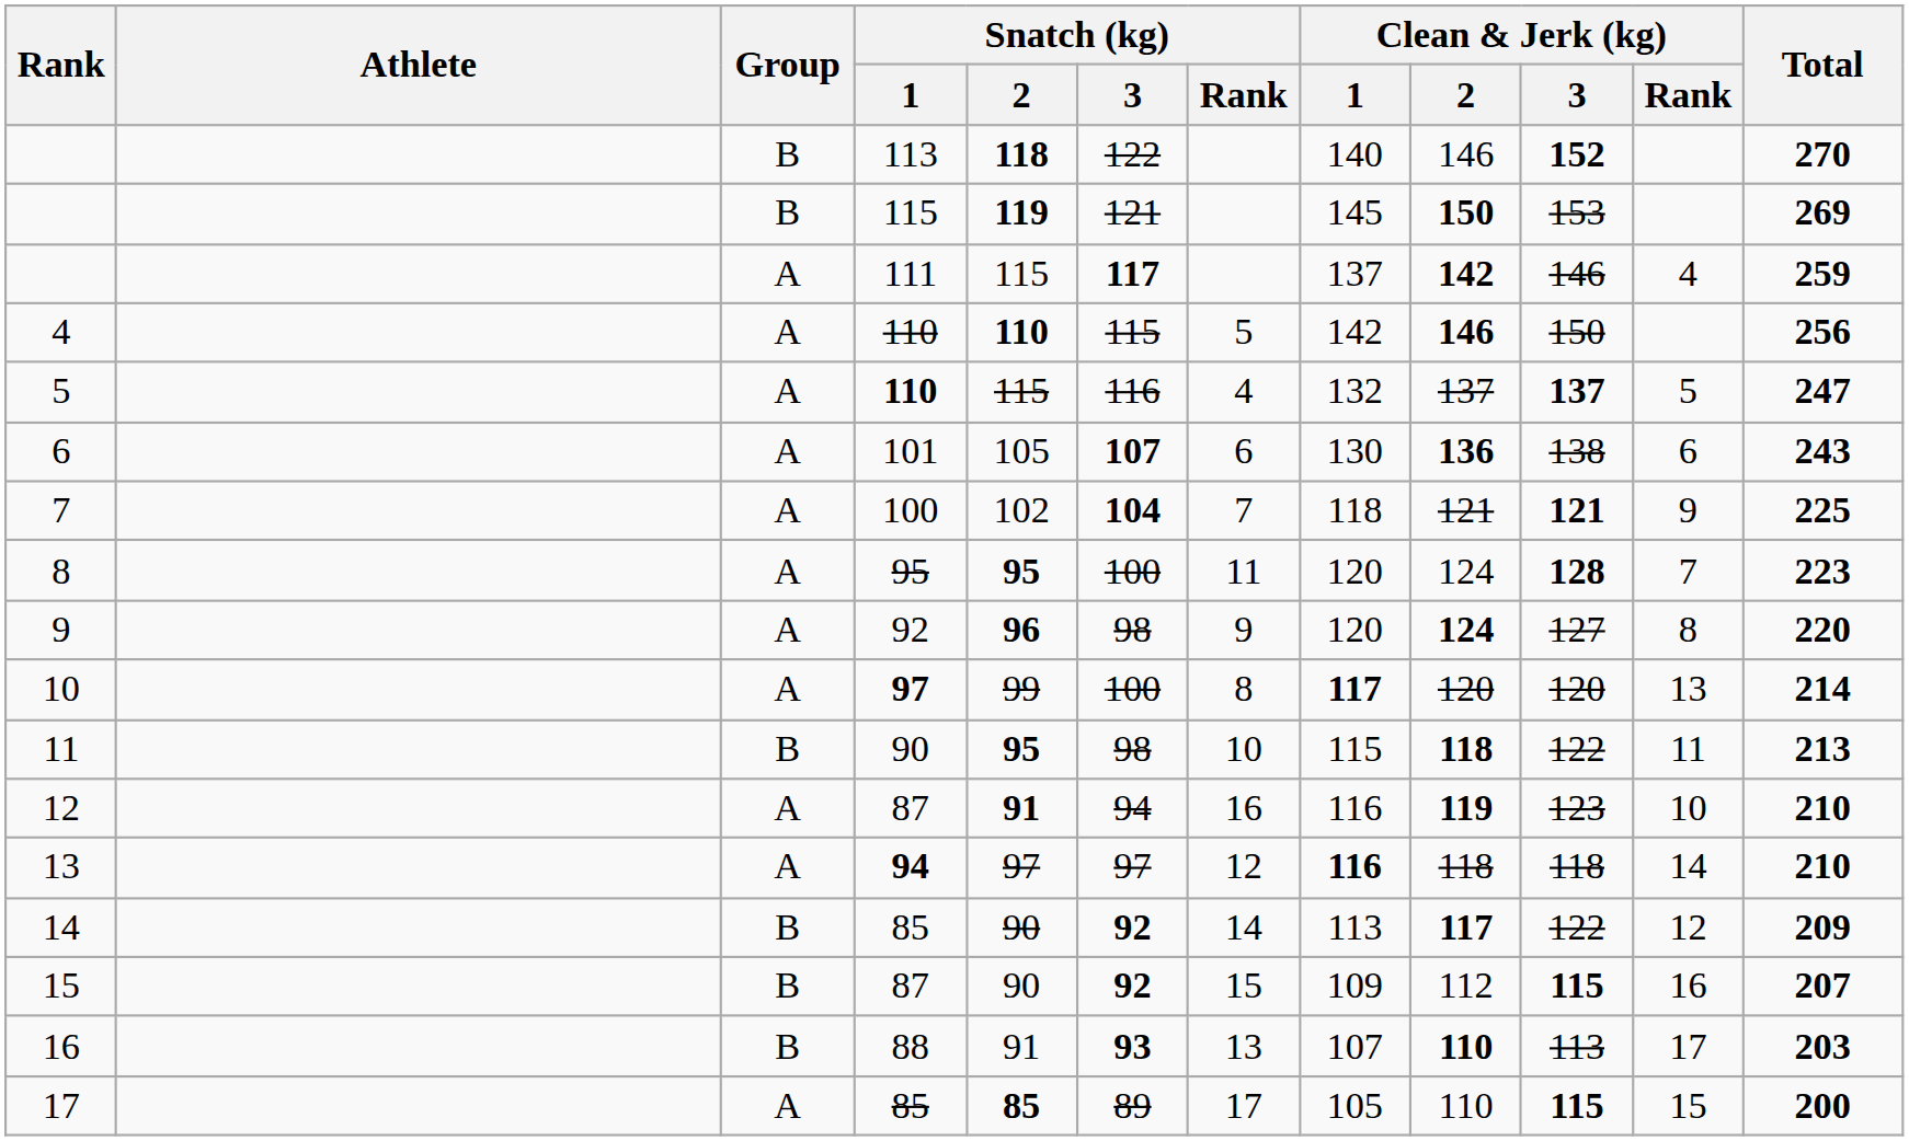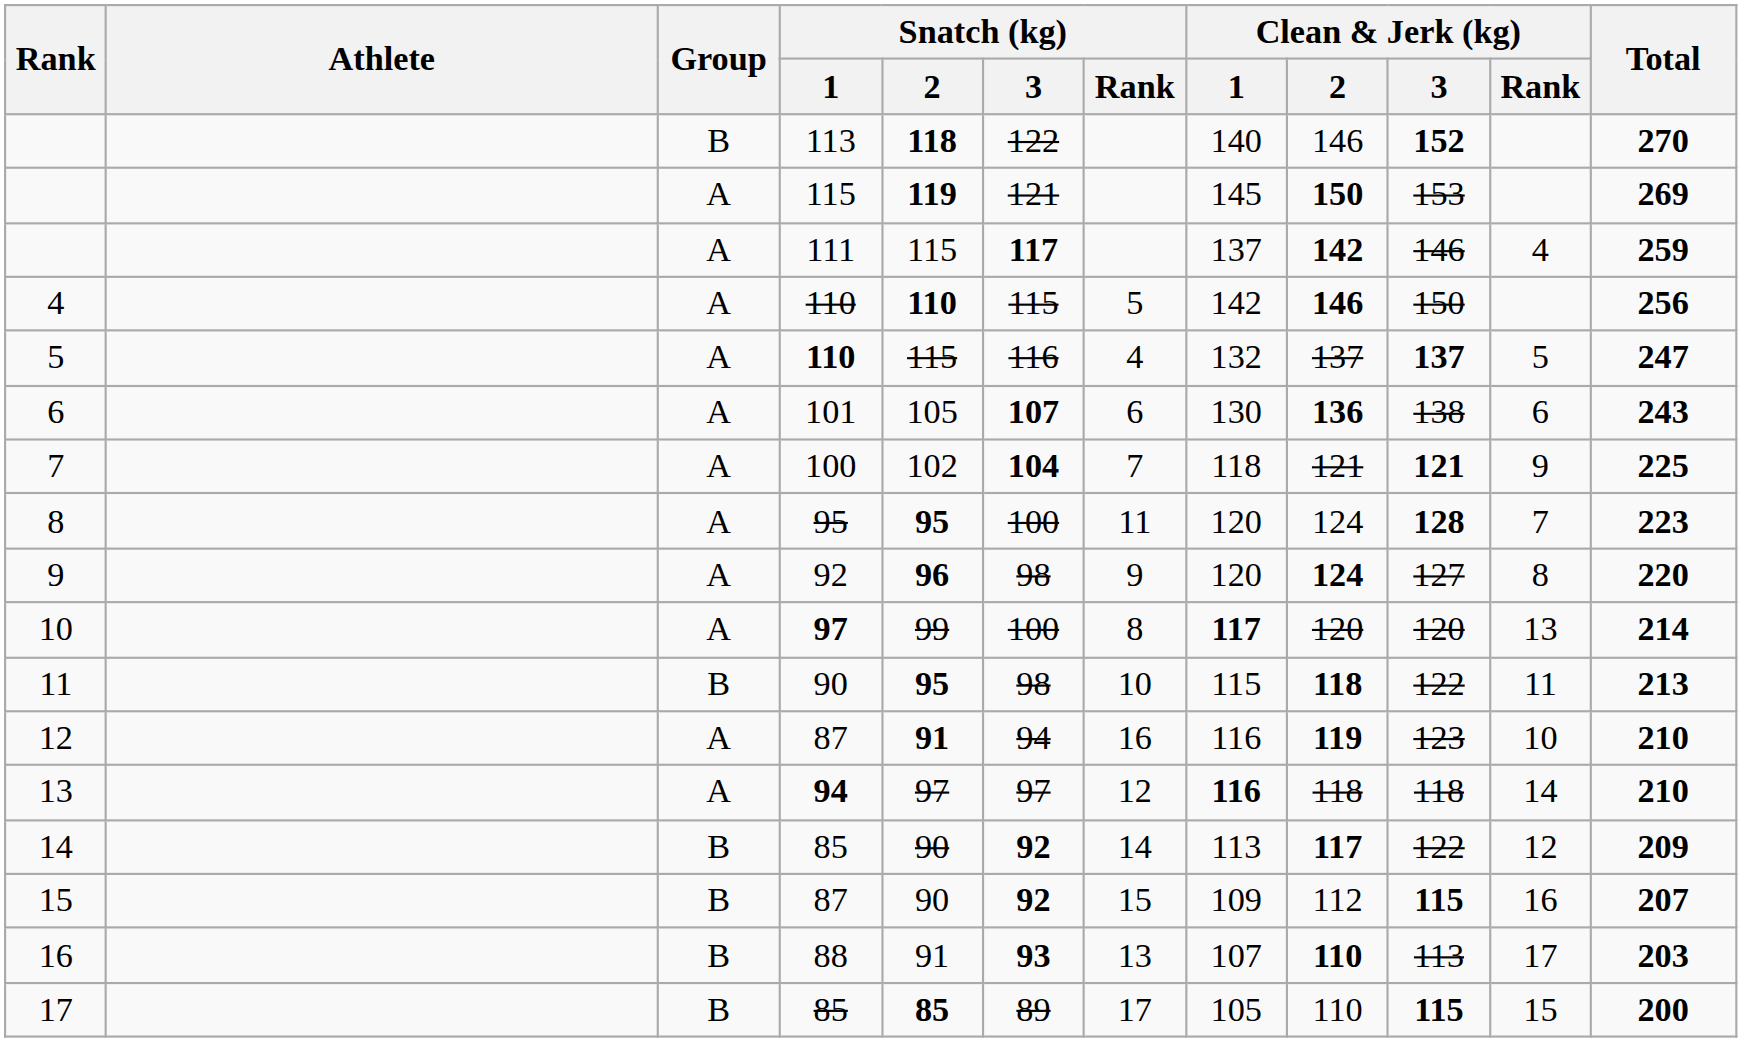 <table class = "wikitable" style="text-align:center;">
 <tr>
 <th rowspan=2 width=40>Rank</th>
 <th rowspan=2 width=250>Athlete</th>
 <th rowspan=2 width=50>Group</th>
 <th colspan=4>Snatch (kg)</th>
 <th colspan=4>Clean & Jerk (kg)</th>
 <th rowspan=2 width=60>Total</th>
 </tr>
 <tr>
 <th width=40>1</th>
 <th width=40>2</th>
 <th width=40>3</th>
 <th width=40>Rank</th>
 <th width=40>1</th>
 <th width=40>2</th>
 <th width=40>3</th>
 <th width=40>Rank</th>
 </tr>
 <tr>
 <td></td>
 <td align=left></td>
 <td>B</td>
 <td>113</td>
 <td><strong>118</strong></td>
 <td><s>122 </s></td>
 <td></td>
 <td>140</td>
 <td>146</td>
 <td><strong>152</strong></td>
 <td></td>
 <td><strong>270</strong></td>
 </tr>
 <tr>
 <td></td>
 <td align=left></td>
-<td>B</td>
+<td>A</td>
 <td>115</td>
 <td><strong>119</strong></td>
 <td><s>121 </s></td>
 <td></td>
 <td>145</td>
 <td><strong>150</strong></td>
 <td><s>153 </s></td>
 <td></td>
 <td><strong>269</strong></td>
 </tr>
 <tr>
 <td></td>
 <td align=left></td>
 <td>A</td>
 <td>111</td>
 <td>115</td>
 <td><strong>117</strong></td>
 <td></td>
 <td>137</td>
 <td><strong>142</strong></td>
 <td><s>146 </s></td>
 <td>4</td>
 <td><strong>259</strong></td>
 </tr>
 <tr>
 <td>4</td>
 <td align=left></td>
 <td>A</td>
 <td><s>110 </s></td>
 <td><strong>110</strong></td>
 <td><s>115 </s></td>
 <td>5</td>
 <td>142</td>
 <td><strong>146</strong></td>
 <td><s>150 </s></td>
 <td></td>
 <td><strong>256</strong></td>
 </tr>
 <tr>
 <td>5</td>
 <td align=left></td>
 <td>A</td>
 <td><strong>110</strong></td>
 <td><s>115 </s></td>
 <td><s>116 </s></td>
 <td>4</td>
 <td>132</td>
 <td><s>137 </s></td>
 <td><strong>137</strong></td>
 <td>5</td>
 <td><strong>247</strong></td>
 </tr>
 <tr>
 <td>6</td>
 <td align=left></td>
 <td>A</td>
 <td>101</td>
 <td>105</td>
 <td><strong>107</strong></td>
 <td>6</td>
 <td>130</td>
 <td><strong>136</strong></td>
 <td><s>138 </s></td>
 <td>6</td>
 <td><strong>243</strong></td>
 </tr>
 <tr>
 <td>7</td>
 <td align=left></td>
 <td>A</td>
 <td>100</td>
 <td>102</td>
 <td><strong>104</strong></td>
 <td>7</td>
 <td>118</td>
 <td><s>121 </s></td>
 <td><strong>121</strong></td>
 <td>9</td>
 <td><strong>225</strong></td>
 </tr>
 <tr>
 <td>8</td>
 <td align=left></td>
 <td>A</td>
 <td><s>95 </s></td>
 <td><strong>95</strong></td>
 <td><s>100 </s></td>
 <td>11</td>
 <td>120</td>
 <td>124</td>
 <td><strong>128</strong></td>
 <td>7</td>
 <td><strong>223</strong></td>
 </tr>
 <tr>
 <td>9</td>
 <td align=left></td>
 <td>A</td>
 <td>92</td>
 <td><strong>96</strong></td>
 <td><s>98 </s></td>
 <td>9</td>
 <td>120</td>
 <td><strong>124</strong></td>
 <td><s>127 </s></td>
 <td>8</td>
 <td><strong>220</strong></td>
 </tr>
 <tr>
 <td>10</td>
 <td align=left></td>
 <td>A</td>
 <td><strong>97</strong></td>
 <td><s>99 </s></td>
 <td><s>100 </s></td>
 <td>8</td>
 <td><strong>117</strong></td>
 <td><s>120 </s></td>
 <td><s>120 </s></td>
 <td>13</td>
 <td><strong>214</strong></td>
 </tr>
 <tr>
 <td>11</td>
 <td align=left></td>
 <td>B</td>
 <td>90</td>
 <td><strong>95</strong></td>
 <td><s>98 </s></td>
 <td>10</td>
 <td>115</td>
 <td><strong>118</strong></td>
 <td><s>122 </s></td>
 <td>11</td>
 <td><strong>213</strong></td>
 </tr>
 <tr>
 <td>12</td>
 <td align=left></td>
 <td>A</td>
 <td>87</td>
 <td><strong>91</strong></td>
 <td><s>94 </s></td>
 <td>16</td>
 <td>116</td>
 <td><strong>119</strong></td>
 <td><s>123 </s></td>
 <td>10</td>
 <td><strong>210</strong></td>
 </tr>
 <tr>
 <td>13</td>
 <td align=left></td>
 <td>A</td>
 <td><strong>94</strong></td>
 <td><s>97 </s></td>
 <td><s>97 </s></td>
 <td>12</td>
 <td><strong>116</strong></td>
 <td><s>118 </s></td>
 <td><s>118 </s></td>
 <td>14</td>
 <td><strong>210</strong></td>
 </tr>
 <tr>
 <td>14</td>
 <td align=left></td>
 <td>B</td>
 <td>85</td>
 <td><s>90 </s></td>
 <td><strong>92</strong></td>
 <td>14</td>
 <td>113</td>
 <td><strong>117</strong></td>
 <td><s>122 </s></td>
 <td>12</td>
 <td><strong>209</strong></td>
 </tr>
 <tr>
 <td>15</td>
 <td align=left></td>
 <td>B</td>
 <td>87</td>
 <td>90</td>
 <td><strong>92</strong></td>
 <td>15</td>
 <td>109</td>
 <td>112</td>
 <td><strong>115</strong></td>
 <td>16</td>
 <td><strong>207</strong></td>
 </tr>
 <tr>
 <td>16</td>
 <td align=left></td>
 <td>B</td>
 <td>88</td>
 <td>91</td>
 <td><strong>93</strong></td>
 <td>13</td>
 <td>107</td>
 <td><strong>110</strong></td>
 <td><s>113 </s></td>
 <td>17</td>
 <td><strong>203</strong></td>
 </tr>
 <tr>
 <td>17</td>
 <td align=left></td>
-<td>A</td>
+<td>B</td>
 <td><s>85  </s></td>
 <td><strong>85</strong></td>
 <td><s>89 </s></td>
 <td>17</td>
 <td>105</td>
 <td>110</td>
 <td><strong>115</strong></td>
 <td>15</td>
 <td><strong>200</strong></td>
 </tr>
 </table>
